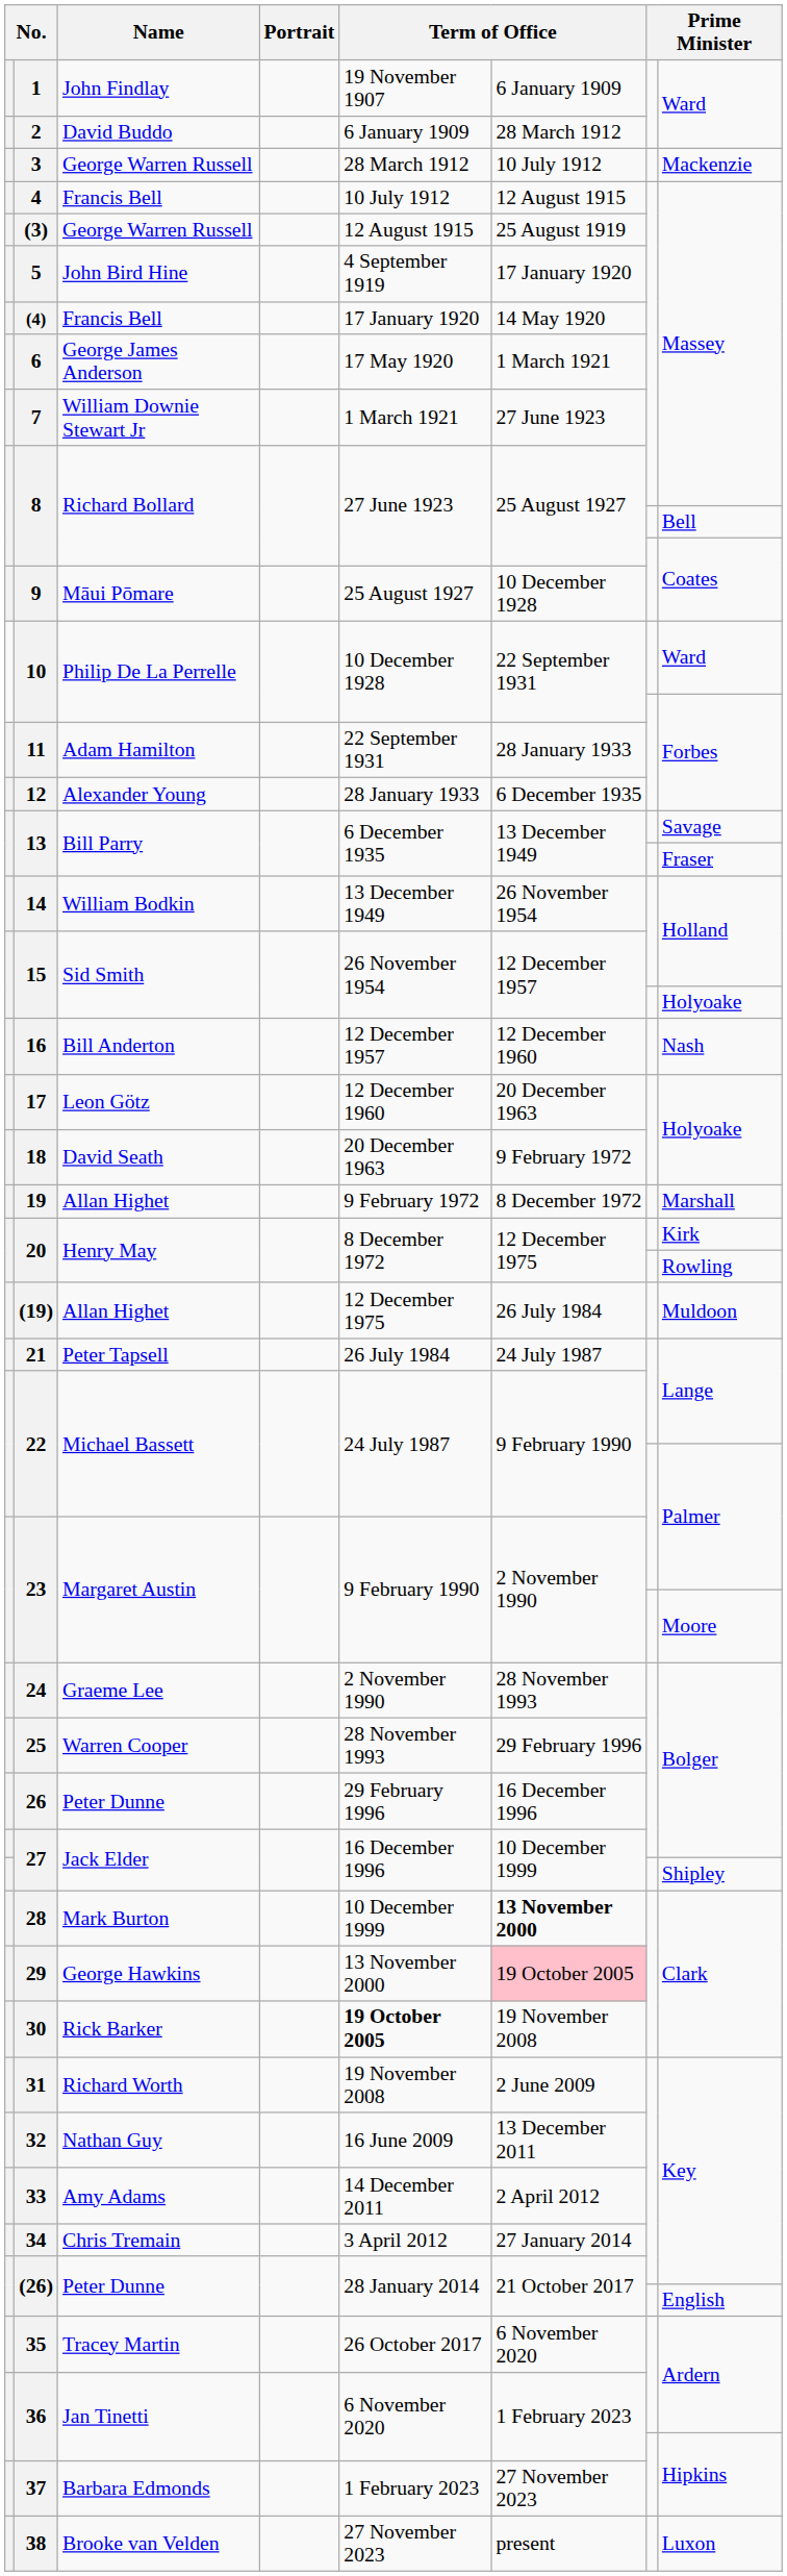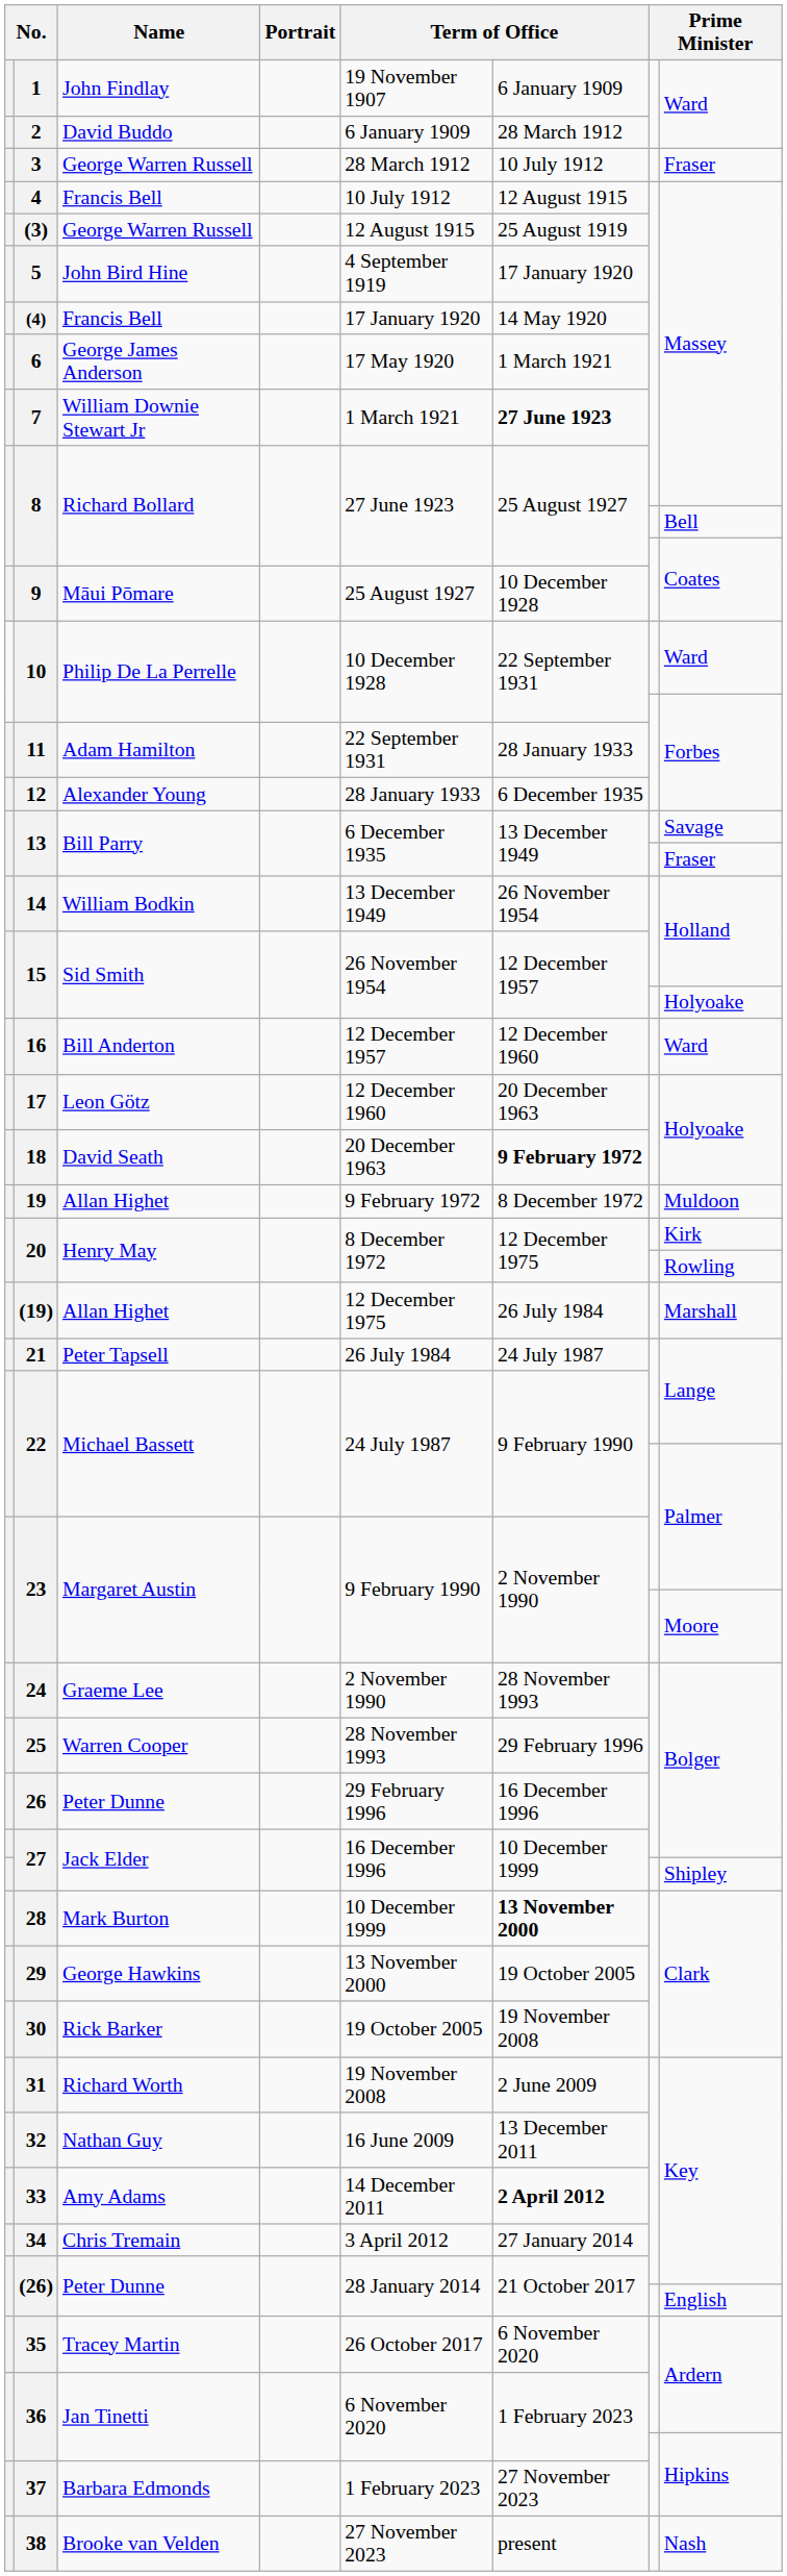 <table class="wikitable">
 <tr>
 <th colspan=2>No.</th>
 <th>Name</th>
 <th>Portrait</th>
 <th colspan=2>Term of Office</th>
 <th colspan=2>Prime Minister</th>
 </tr>
 <tr>
 <th style="color:inherit;background:"></th>
 <th>1</th>
 <td><a href='#'>John Findlay</a></td>
 <td></td>
 <td>19 November 1907</td>
 <td>6 January 1909</td>
 <td width=1 rowspan=2 style="color:inherit;background:"></td>
 <td rowspan=2><a href='#'>Ward</a></td>
 </tr>
 <tr>
 <th style="color:inherit;background:"></th>
 <th>2</th>
 <td><a href='#'>David Buddo</a></td>
 <td></td>
 <td>6 January 1909</td>
 <td>28 March 1912</td>
 </tr>
 <tr>
 <th style="color:inherit;background:"></th>
 <th>3</th>
 <td><a href='#'>George Warren Russell</a></td>
 <td></td>
 <td>28 March 1912</td>
 <td>10 July 1912</td>
 <td style="color:inherit;background:"></td>
-<td><a href='#'>Mackenzie</a></td>
+<td><a href='#'>Fraser</a></td>
 </tr>
 <tr>
 <th style="color:inherit;background:"></th>
 <th>4</th>
 <td><a href='#'>Francis Bell</a></td>
 <td></td>
 <td>10 July 1912</td>
 <td>12 August 1915</td>
 <td rowspan=6 style="border-bottom:solid 0 grey; background:"></td>
 <td rowspan=7><a href='#'>Massey</a></td>
 </tr>
 <tr>
 <th style="color:inherit;background:"></th>
 <th>(3)</th>
 <td><a href='#'>George Warren Russell</a></td>
 <td></td>
 <td>12 August 1915</td>
 <td>25 August 1919</td>
 </tr>
 <tr>
 <th style="color:inherit;background:"></th>
 <th>5</th>
 <td><a href='#'>John Bird Hine</a></td>
 <td></td>
 <td>4 September 1919</td>
 <td>17 January 1920</td>
 </tr>
 <tr>
 <th style="color:inherit;background:"></th>
 <th><small>(4)</small></th>
 <td><a href='#'>Francis Bell</a></td>
 <td></td>
 <td>17 January 1920</td>
 <td>14 May 1920</td>
 </tr>
 <tr>
 <th style="color:inherit;background:"></th>
 <th>6</th>
 <td><a href='#'>George James Anderson</a></td>
 <td></td>
 <td>17 May 1920</td>
 <td>1 March 1921</td>
 </tr>
 <tr>
 <th style="color:inherit;background:"></th>
 <th>7</th>
 <td><a href='#'>William Downie Stewart Jr</a></td>
 <td></td>
 <td>1 March 1921</td>
-<td>27 June 1923</td>
+<td><strong>27 June 1923</strong></td>
 </tr>
 <tr>
 <th rowspan=3 style="color:inherit;background:"></th>
 <th rowspan=3>8</th>
 <td rowspan=3><a href='#'>Richard Bollard</a></td>
 <td rowspan=3></td>
 <td rowspan=3>27 June 1923</td>
 <td rowspan=3>25 August 1927</td>
 <td height=40 style="border-top:solid 0 grey; background:"></td>
 </tr>
 <tr>
 <td height=15 style="color:inherit;background:"></td>
 <td><a href='#'>Bell</a></td>
 </tr>
 <tr>
 <td height=15 style="border-bottom:solid 0 grey; background:"></td>
 <td rowspan=2><a href='#'>Coates</a></td>
 </tr>
 <tr>
 <th style="color:inherit;background:"></th>
 <th>9</th>
 <td><a href='#'>Māui Pōmare</a></td>
 <td></td>
 <td>25 August 1927</td>
 <td>10 December 1928</td>
 <td style="border-top:solid 0 grey; background:"></td>
 </tr>
 <tr>
 <td height=50 style="border-bottom:solid 0 grey; background:"></td>
 <th rowspan=2>10</th>
 <td rowspan=2><a href='#'>Philip De La Perrelle</a></td>
 <td rowspan=2></td>
 <td rowspan=2>10 December 1928</td>
 <td rowspan=2>22 September 1931</td>
 <td style="color:inherit;background:"></td>
 <td><a href='#'>Ward</a></td>
 </tr>
 <tr>
 <td height=15 style="border-top:solid 0 grey; background:"></td>
 <td style="border-bottom:solid 0 grey; background:"></td>
 <td rowspan=3><a href='#'>Forbes</a></td>
 </tr>
 <tr>
 <th style="color:inherit;background:"></th>
 <th>11</th>
 <td><a href='#'>Adam Hamilton</a></td>
 <td></td>
 <td>22 September 1931</td>
 <td>28 January 1933</td>
 <td rowspan=2 style="border-top:solid 0 grey; background:"></td>
 </tr>
 <tr>
 <th style="color:inherit;background:"></th>
 <th>12</th>
 <td><a href='#'>Alexander Young</a></td>
 <td></td>
 <td>28 January 1933</td>
 <td>6 December 1935</td>
 </tr>
 <tr>
 <th rowspan=2 style="color:inherit;background:"></th>
 <th rowspan=2>13</th>
 <td rowspan=2><a href='#'>Bill Parry</a></td>
 <td rowspan=2></td>
 <td rowspan=2>6 December 1935</td>
 <td rowspan=2>13 December 1949</td>
 <td style="color:inherit;background:"></td>
 <td><a href='#'>Savage</a></td>
 </tr>
 <tr>
 <td style="color:inherit;background:"></td>
 <td><a href='#'>Fraser</a></td>
 </tr>
 <tr>
 <th style="color:inherit;background:"></th>
 <th>14</th>
 <td><a href='#'>William Bodkin</a></td>
 <td></td>
 <td>13 December 1949</td>
 <td>26 November 1954</td>
 <td style="border-bottom:solid 0 grey; background:"></td>
 <td rowspan=2><a href='#'>Holland</a></td>
 </tr>
 <tr>
 <th rowspan=2 style="color:inherit;background:"></th>
 <th rowspan=2>15</th>
 <td rowspan=2><a href='#'>Sid Smith</a></td>
 <td rowspan=2></td>
 <td rowspan=2>26 November 1954</td>
 <td rowspan=2>12 December 1957</td>
 <td height=36 style="border-top:solid 0 grey; background:"></td>
 </tr>
 <tr>
 <td style="color:inherit;background:"></td>
 <td><a href='#'>Holyoake</a></td>
 </tr>
 <tr>
 <th style="color:inherit;background:"></th>
 <th>16</th>
 <td><a href='#'>Bill Anderton</a></td>
 <td></td>
 <td>12 December 1957</td>
 <td>12 December 1960</td>
 <td style="color:inherit;background:"></td>
-<td><a href='#'>Nash</a></td>
+<td><a href='#'>Ward</a></td>
 </tr>
 <tr>
 <th style="color:inherit;background:"></th>
 <th>17</th>
 <td><a href='#'>Leon Götz</a></td>
 <td></td>
 <td>12 December 1960</td>
 <td>20 December 1963</td>
 <td rowspan=2 style="color:inherit;background:"></td>
 <td rowspan=2><a href='#'>Holyoake</a></td>
 </tr>
 <tr>
 <th style="color:inherit;background:"></th>
 <th>18</th>
 <td><a href='#'>David Seath</a></td>
 <td></td>
 <td>20 December 1963</td>
-<td>9 February 1972</td>
+<td><strong>9 February 1972</strong></td>
 </tr>
 <tr>
 <th style="color:inherit;background:"></th>
 <th>19</th>
 <td><a href='#'>Allan Highet</a></td>
 <td></td>
 <td>9 February 1972</td>
 <td>8 December 1972</td>
 <td style="color:inherit;background:"></td>
-<td><a href='#'>Marshall</a></td>
+<td><a href='#'>Muldoon</a></td>
 </tr>
 <tr>
 <th rowspan=2 style="color:inherit;background:"></th>
 <th rowspan=2>20</th>
 <td rowspan=2><a href='#'>Henry May</a></td>
 <td rowspan=2></td>
 <td rowspan=2>8 December 1972</td>
 <td rowspan=2>12 December 1975</td>
 <td style="color:inherit;background:"></td>
 <td><a href='#'>Kirk</a></td>
 </tr>
 <tr>
 <td style="color:inherit;background:"></td>
 <td><a href='#'>Rowling</a></td>
 </tr>
 <tr>
 <th style="color:inherit;background:"></th>
 <th>(19)</th>
 <td><a href='#'>Allan Highet</a></td>
 <td></td>
 <td>12 December 1975</td>
 <td>26 July 1984</td>
 <td style="color:inherit;background:"></td>
-<td><a href='#'>Muldoon</a></td>
+<td><a href='#'>Marshall</a></td>
 </tr>
 <tr>
 <th style="color:inherit;background:"></th>
 <th>21</th>
 <td><a href='#'>Peter Tapsell</a></td>
 <td></td>
 <td>26 July 1984</td>
 <td>24 July 1987</td>
 <td rowspan=2 style="color:inherit;background:"></td>
 <td rowspan=2><a href='#'>Lange</a></td>
 </tr>
 <tr>
 <th height=50 style="border-bottom:solid 0 grey; background:"></th>
 <th rowspan=2>22</th>
 <td rowspan=2><a href='#'>Michael Bassett</a></td>
 <td rowspan=2></td>
 <td rowspan=2>24 July 1987</td>
 <td rowspan=2>9 February 1990</td>
 </tr>
 <tr>
 <th height=50 style="border-top:solid 0 grey; background:"></th>
 <td rowspan=2 style="color:inherit;background:"></td>
 <td rowspan=2><a href='#'>Palmer</a></td>
 </tr>
 <tr>
 <th height=50 style="border-bottom:solid 0 grey; background:"></th>
 <th rowspan=2>23</th>
 <td rowspan=2><a href='#'>Margaret Austin</a></td>
 <td rowspan=2></td>
 <td rowspan=2>9 February 1990</td>
 <td rowspan=2>2 November 1990</td>
 </tr>
 <tr>
 <th height=50 style="border-top:solid 0 grey; background:"></th>
 <td style="color:inherit;background:"></td>
 <td><a href='#'>Moore</a></td>
 </tr>
 <tr>
 <th style="color:inherit;background:"></th>
 <th>24</th>
 <td><a href='#'>Graeme Lee</a></td>
 <td></td>
 <td>2 November 1990</td>
 <td>28 November 1993</td>
 <td rowspan="4" style="color:inherit;background:"></td>
 <td rowspan="4"><a href='#'>Bolger</a></td>
 </tr>
 <tr>
 <th style="color:inherit;background:"></th>
 <th>25</th>
 <td><a href='#'>Warren Cooper</a></td>
 <td></td>
 <td>28 November 1993</td>
 <td>29 February 1996</td>
 </tr>
 <tr>
 <th style="color:inherit;background:"></th>
 <th>26</th>
 <td><a href='#'>Peter Dunne</a></td>
 <td></td>
 <td>29 February 1996</td>
 <td>16 December 1996</td>
 </tr>
 <tr>
 <th height=15 style="color:inherit;background:"></th>
 <th rowspan="2">27</th>
 <td rowspan="2"><a href='#'>Jack Elder</a></td>
 <td rowspan="2"></td>
 <td rowspan="2">16 December 1996</td>
 <td rowspan="2">10 December 1999</td>
 </tr>
 <tr>
 <th height=15 style="color:inherit;background:"></th>
 <td style="color:inherit;background:"></td>
 <td><a href='#'>Shipley</a></td>
 </tr>
 <tr>
 <th style="color:inherit;background:"></th>
 <th>28</th>
 <td><a href='#'>Mark Burton</a></td>
 <td></td>
 <td>10 December 1999</td>
 <td><strong>13 November 2000</strong></td>
 <td rowspan=3 style="color:inherit;background:"></td>
 <td rowspan=3><a href='#'>Clark</a></td>
 </tr>
 <tr>
 <th style="color:inherit;background:"></th>
 <th>29</th>
 <td><a href='#'>George Hawkins</a></td>
 <td></td>
 <td>13 November 2000</td>
-<td style="background: pink;">19 October 2005</td>
+<td>19 October 2005</td>
 </tr>
 <tr>
 <th style="color:inherit;background:"></th>
 <th>30</th>
 <td><a href='#'>Rick Barker</a></td>
 <td></td>
-<td><strong>19 October 2005</strong></td>
+<td>19 October 2005</td>
 <td>19 November 2008</td>
 </tr>
 <tr>
 <th style="color:inherit;background:"></th>
 <th>31</th>
 <td><a href='#'>Richard Worth</a></td>
 <td></td>
 <td>19 November 2008</td>
 <td>2 June 2009</td>
 <td rowspan="5" style="color:inherit;background:"></td>
 <td rowspan="5"><a href='#'>Key</a></td>
 </tr>
 <tr>
 <th style="color:inherit;background:"></th>
 <th>32</th>
 <td><a href='#'>Nathan Guy</a></td>
 <td></td>
 <td>16 June 2009</td>
 <td>13 December 2011</td>
 </tr>
 <tr>
 <th style="color:inherit;background:"></th>
 <th>33</th>
 <td><a href='#'>Amy Adams</a></td>
 <td></td>
 <td>14 December 2011</td>
-<td>2 April 2012</td>
+<td><strong>2 April 2012</strong></td>
 </tr>
 <tr>
 <th style="color:inherit;background:"></th>
 <th>34</th>
 <td><a href='#'>Chris Tremain</a></td>
 <td></td>
 <td>3 April 2012</td>
 <td>27 January 2014</td>
 </tr>
 <tr>
 <th height=15 style="border-bottom:solid 0 grey; background:"></th>
 <th rowspan="2">(26)</th>
 <td rowspan="2"><a href='#'>Peter Dunne</a></td>
 <td rowspan="2"></td>
 <td rowspan="2">28 January 2014</td>
 <td rowspan="2">21 October 2017</td>
 </tr>
 <tr>
 <th height=15 style="border-top:solid 0 grey; background:"></th>
 <td style="color:inherit;background:"></td>
 <td><a href='#'>English</a></td>
 </tr>
 <tr>
 <th style="color:inherit;background:"></th>
 <th>35</th>
 <td><a href='#'>Tracey Martin</a></td>
 <td></td>
 <td>26 October 2017</td>
 <td>6 November 2020</td>
 <td rowspan=2 height=15 style="border-top:solid 0 gray; background:"></td>
 <td rowspan=2><a href='#'>Ardern</a></td>
 </tr>
 <tr>
 <th height=40 style="border-bottom:solid 0 grey; background:"></th>
 <th rowspan=2>36</th>
 <td rowspan=2><a href='#'>Jan Tinetti</a></td>
 <td rowspan=2></td>
 <td rowspan=2>6 November 2020</td>
 <td rowspan=2>1 February 2023</td>
 </tr>
 <tr>
 <th height=15 style="border-top:solid 0 grey; background:"></th>
 <td rowspan=2 style="color:inherit;background:"></td>
 <td rowspan=2><a href='#'>Hipkins</a></td>
 </tr>
 <tr>
 <th style="color:inherit;background:"></th>
 <th>37</th>
 <td><a href='#'>Barbara Edmonds</a></td>
 <td></td>
 <td>1 February 2023</td>
 <td>27 November 2023</td>
 </tr>
 <tr>
 <th style="color:inherit;background:"></th>
 <th>38</th>
 <td><a href='#'>Brooke van Velden</a></td>
 <td></td>
 <td>27 November 2023</td>
 <td>present</td>
 <td style="color:inherit;background:"></td>
-<td><a href='#'>Luxon</a></td>
+<td><a href='#'>Nash</a></td>
 </tr>
 </table>
